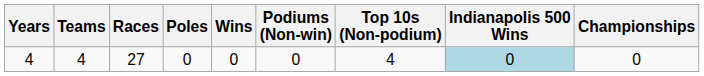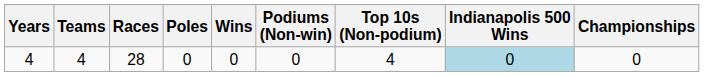 <table class="wikitable" style="text-align:center; font-size:95%">
 <tr>
 <th>Years</th>
 <th>Teams</th>
 <th>Races</th>
 <th>Poles</th>
 <th>Wins</th>
 <th>Podiums<br>(Non-win)</th>
 <th>Top 10s<br>(Non-podium)</th>
 <th>Indianapolis 500<br>Wins</th>
 <th>Championships</th>
 </tr>
 <tr>
 <td>4</td>
 <td>4</td>
-<td>27</td>
+<td>28</td>
 <td>0</td>
 <td>0</td>
 <td>0</td>
 <td>4</td>
 <td style="background: lightblue;">0</td>
 <td>0</td>
 </tr>
 </table>
